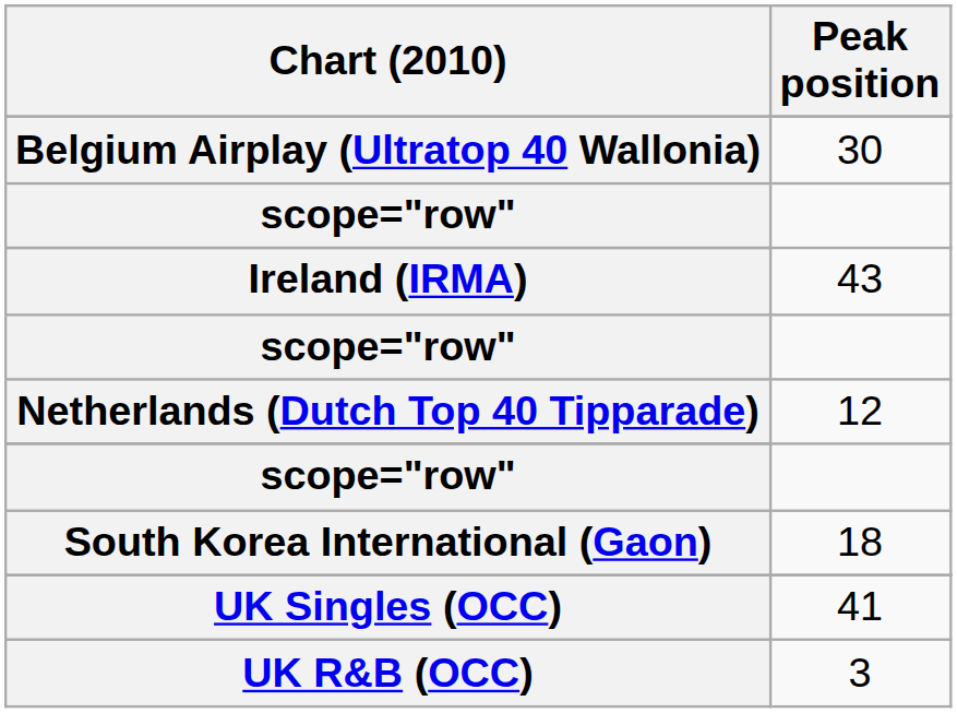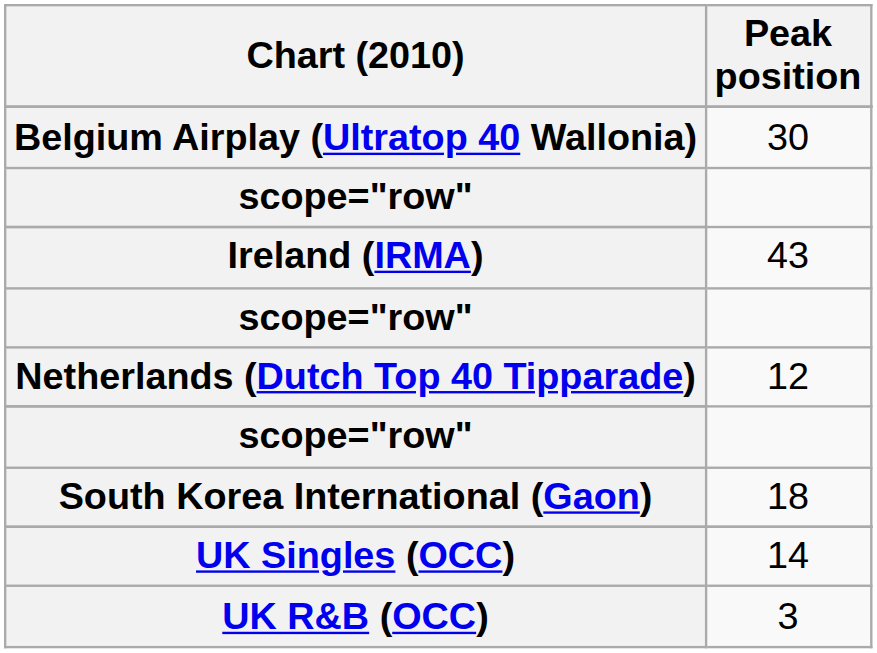 <table class="wikitable sortable plainrowheaders" style="text-align:center;">
 <tr>
 <th scope="col">Chart (2010)</th>
 <th scope="col">Peak<br>position</th>
 </tr>
 <tr>
 </tr>
 <tr>
 </tr>
 <tr>
 </tr>
 <tr>
 <th scope="row">Belgium Airplay (<a href='#'>Ultratop 40</a> Wallonia)</th>
 <td>30</td>
 </tr>
 <tr>
 <th>scope="row" </th>
 </tr>
 <tr>
 </tr>
 <tr>
 <th scope="row">Ireland (<a href='#'>IRMA</a>)</th>
 <td>43</td>
 </tr>
 <tr>
 <th>scope="row" </th>
 </tr>
 <tr>
 <th scope="row">Netherlands (<a href='#'>Dutch Top 40 Tipparade</a>)</th>
 <td>12</td>
 </tr>
 <tr>
 </tr>
 <tr>
 </tr>
 <tr>
 <th>scope="row" </th>
 </tr>
 <tr>
 <th scope="row">South Korea International (<a href='#'>Gaon</a>)</th>
 <td>18</td>
 </tr>
 <tr>
 </tr>
 <tr>
 <th scope="row"><a href='#'>UK Singles</a> (<a href='#'>OCC</a>)</th>
-<td>41</td>
+<td>14</td>
 </tr>
 <tr>
 <th scope="row"><a href='#'>UK R&B</a> (<a href='#'>OCC</a>)</th>
 <td>3</td>
 </tr>
 </table>
